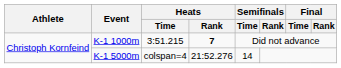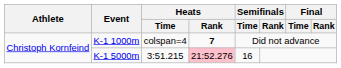 <table class="wikitable" style="font-size:90%">
 <tr>
 <th rowspan=2>Athlete</th>
 <th rowspan=2>Event</th>
 <th colspan=2>Heats</th>
 <th colspan=2>Semifinals</th>
 <th colspan=2>Final</th>
 </tr>
 <tr style="font-size:95%">
 <th>Time</th>
 <th>Rank</th>
 <th>Time</th>
 <th>Rank</th>
 <th>Time</th>
 <th>Rank</th>
 </tr>
 <tr align=center>
 <td align=left rowspan=2><a href='#'>Christoph Kornfeind</a></td>
 <td align=left><a href='#'>K-1 1000m</a></td>
-<td>3:51.215</td>
+<td>colspan=4 </td>
 <td><strong>7</strong></td>
 <td colspan=4>Did not advance</td>
 </tr>
 <tr align=center>
 <td align=left><a href='#'>K-1 5000m</a></td>
-<td>colspan=4 </td>
-<td>21:52.276</td>
-<td>14</td>
+<td>3:51.215</td>
+<td style="background: pink;">21:52.276</td>
+<td>16</td>
 </tr>
 </table>
